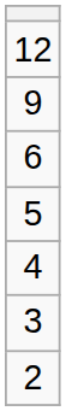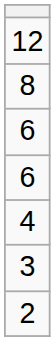 <table class="wikitable">
 <tr>
 <th></th>
 </tr>
 <tr>
 <td style="text-align:center;">12</td>
 </tr>
 <tr>
-<td style="text-align:center;">9</td>
+<td style="text-align:center;">8</td>
 </tr>
 <tr>
 <td style="text-align:center;">6</td>
 </tr>
 <tr>
-<td style="text-align:center;">5</td>
+<td style="text-align:center;">6</td>
 </tr>
 <tr>
 <td style="text-align:center;">4</td>
 </tr>
 <tr>
 <td style="text-align:center;">3</td>
 </tr>
 <tr>
 <td style="text-align:center;">2</td>
 </tr>
 </table>
